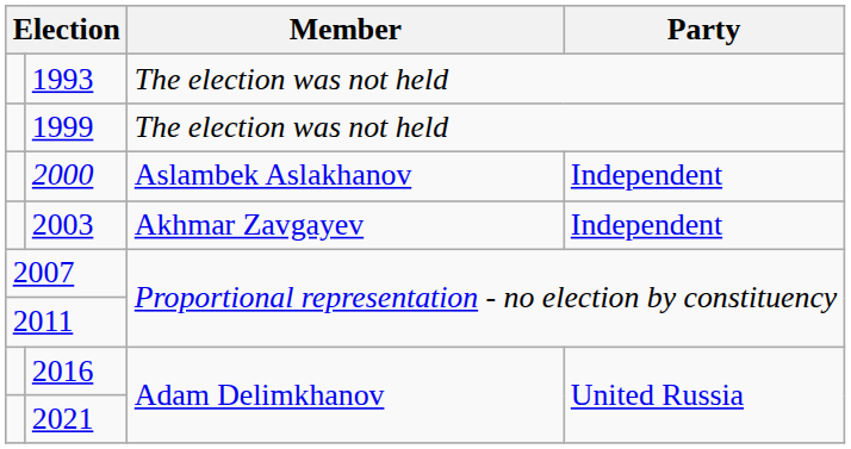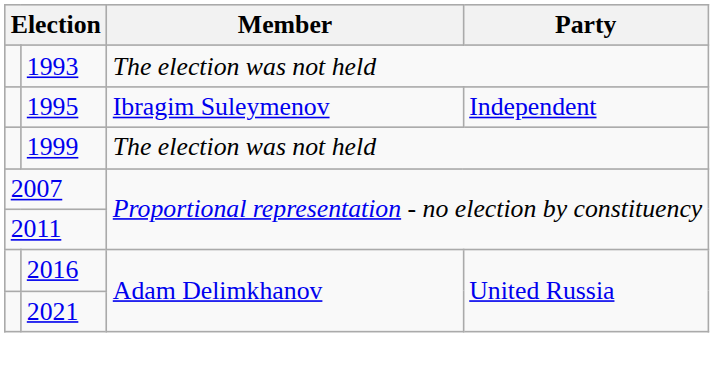 <table class="wikitable">
 <tr>
 <th colspan="2">Election</th>
 <th>Member</th>
 <th>Party</th>
 </tr>
 <tr>
 <td style="background-color:"></td>
 <td><a href='#'>1993</a></td>
 <td colspan=2><em>The election was not held</em></td>
 </tr>
 <tr>
 <td style="background-color:"></td>
-<td><a href='#'>1999</a></td>
-<td colspan=2><em>The election was not held</em></td>
-</tr>
-<tr>
-<td style="background-color:"></td>
-<td><em><a href='#'>2000</a></em></td>
-<td><a href='#'>Aslambek Aslakhanov</a></td>
+<td><a href='#'>1995</a></td>
+<td><a href='#'>Ibragim Suleymenov</a></td>
 <td><a href='#'>Independent</a></td>
 </tr>
 <tr>
 <td style="background-color:"></td>
-<td><a href='#'>2003</a></td>
-<td><a href='#'>Akhmar Zavgayev</a></td>
-<td><a href='#'>Independent</a></td>
+<td><a href='#'>1999</a></td>
+<td colspan=2><em>The election was not held</em></td>
 </tr>
 <tr>
 <td colspan=2><a href='#'>2007</a></td>
 <td colspan=2 rowspan=2><em><a href='#'>Proportional representation</a> - no election by constituency</em></td>
 </tr>
 <tr>
 <td colspan=2><a href='#'>2011</a></td>
 </tr>
 <tr>
 <td style="background-color: "></td>
 <td><a href='#'>2016</a></td>
 <td rowspan=2><a href='#'>Adam Delimkhanov</a></td>
 <td rowspan=2><a href='#'>United Russia</a></td>
 </tr>
 <tr>
 <td style="background-color: "></td>
 <td><a href='#'>2021</a></td>
 </tr>
 </table>
